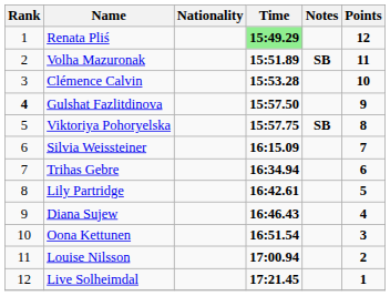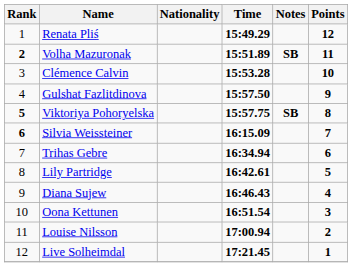 <table class="wikitable sortable" style="text-align:center">
 <tr>
 <th>Rank</th>
 <th>Name</th>
 <th>Nationality</th>
 <th>Time</th>
 <th>Notes</th>
 <th>Points</th>
 </tr>
 <tr>
 <td>1</td>
 <td align=left><a href='#'>Renata Pliś</a></td>
 <td align=left></td>
-<td style="background: lightgreen;"><strong>15:49.29</strong></td>
+<td><strong>15:49.29</strong></td>
 <td></td>
 <td><strong>12</strong></td>
 </tr>
 <tr>
-<td>2</td>
+<td><strong>2</strong></td>
 <td align=left><a href='#'>Volha Mazuronak</a></td>
 <td align=left></td>
 <td><strong>15:51.89</strong></td>
 <td><strong>SB </strong></td>
 <td><strong>11</strong></td>
 </tr>
 <tr>
 <td>3</td>
 <td align=left><a href='#'>Clémence Calvin</a></td>
 <td align=left></td>
 <td><strong>15:53.28</strong></td>
 <td></td>
 <td><strong>10</strong></td>
 </tr>
 <tr>
-<td><strong>4</strong></td>
+<td>4</td>
 <td align=left><a href='#'>Gulshat Fazlitdinova</a></td>
 <td align=left></td>
 <td><strong>15:57.50</strong></td>
 <td></td>
 <td><strong>9</strong></td>
 </tr>
 <tr>
-<td>5</td>
+<td><strong>5</strong></td>
 <td align=left><a href='#'>Viktoriya Pohoryelska</a></td>
 <td align=left></td>
 <td><strong>15:57.75</strong></td>
 <td><strong>SB </strong></td>
 <td><strong>8</strong></td>
 </tr>
 <tr>
-<td>6</td>
+<td><strong>6</strong></td>
 <td align=left><a href='#'>Silvia Weissteiner</a></td>
 <td align=left></td>
 <td><strong>16:15.09</strong></td>
 <td></td>
 <td><strong>7</strong></td>
 </tr>
 <tr>
 <td>7</td>
 <td align=left><a href='#'>Trihas Gebre</a></td>
 <td align=left></td>
 <td><strong>16:34.94</strong></td>
 <td></td>
 <td><strong>6</strong></td>
 </tr>
 <tr>
 <td>8</td>
 <td align=left><a href='#'>Lily Partridge</a></td>
 <td align=left></td>
 <td><strong>16:42.61</strong></td>
 <td></td>
 <td><strong>5</strong></td>
 </tr>
 <tr>
 <td>9</td>
 <td align=left><a href='#'>Diana Sujew</a></td>
 <td align=left></td>
 <td><strong>16:46.43</strong></td>
 <td></td>
 <td><strong>4</strong></td>
 </tr>
 <tr>
 <td>10</td>
 <td align=left><a href='#'>Oona Kettunen</a></td>
 <td align=left></td>
 <td><strong>16:51.54</strong></td>
 <td></td>
 <td><strong>3</strong></td>
 </tr>
 <tr>
 <td>11</td>
 <td align=left><a href='#'>Louise Nilsson</a></td>
 <td align=left></td>
 <td><strong>17:00.94</strong></td>
 <td></td>
 <td><strong>2</strong></td>
 </tr>
 <tr>
 <td>12</td>
 <td align=left><a href='#'>Live Solheimdal</a></td>
 <td align=left></td>
 <td><strong>17:21.45</strong></td>
 <td></td>
 <td><strong>1</strong></td>
 </tr>
 <tr>
 </tr>
 </table>
